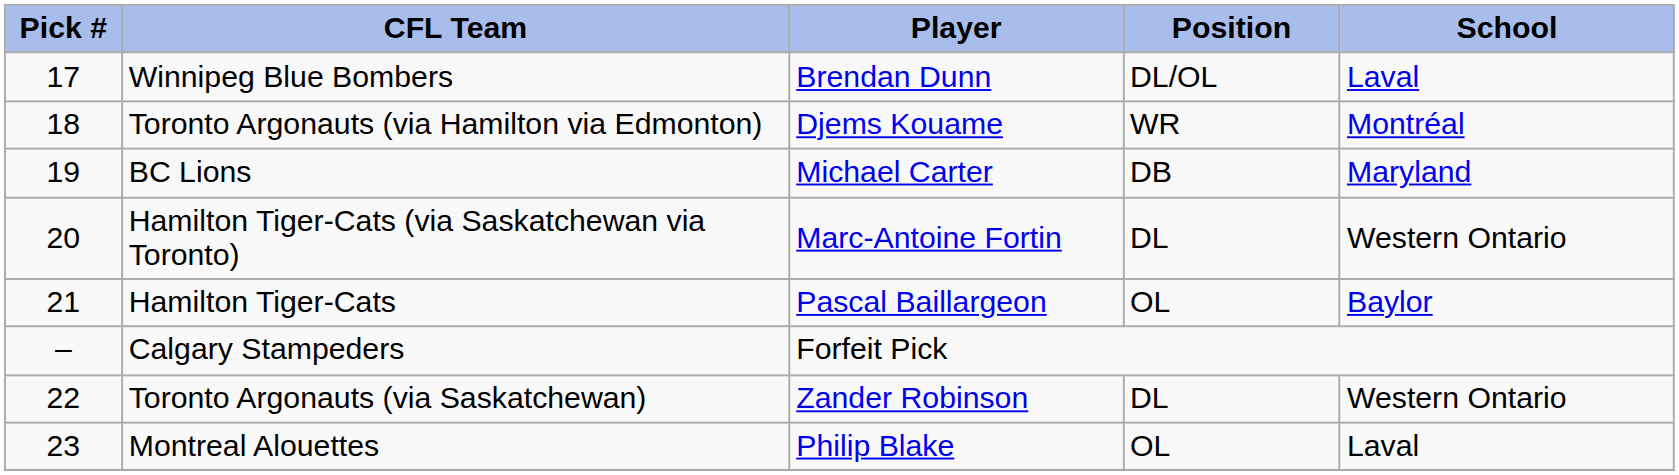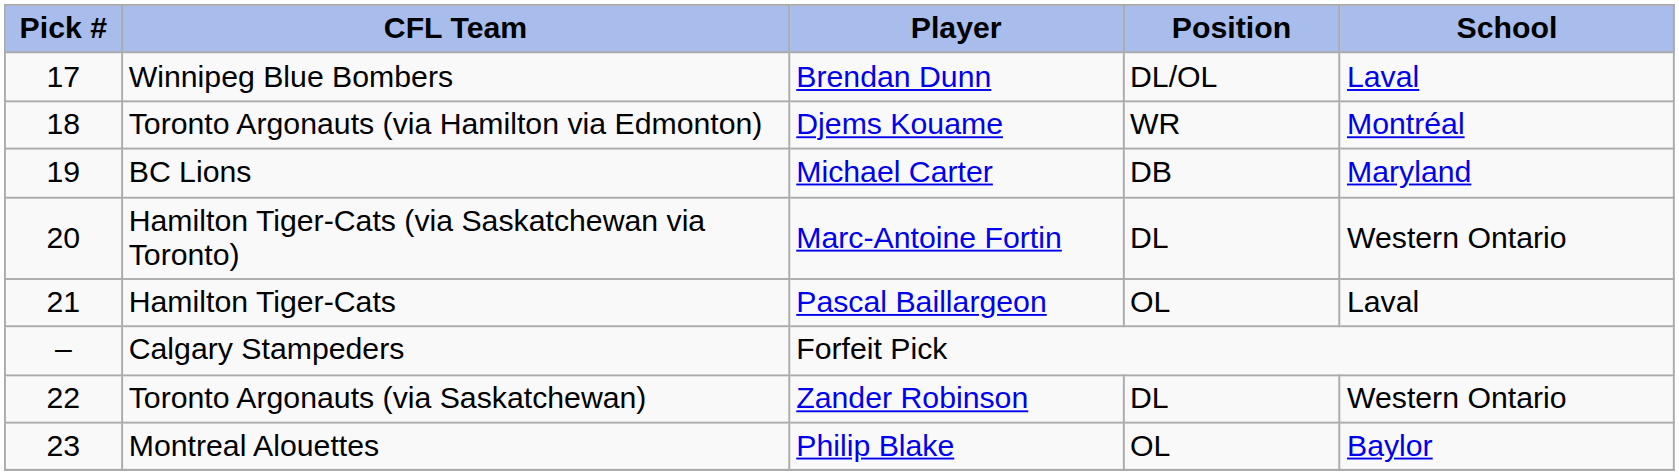 <table class="wikitable" style="width: 100%">
 <tr>
 <th style="background:#A8BDEC;" width=7%>Pick #</th>
 <th width=40% style="background:#A8BDEC;">CFL Team</th>
 <th width=20% style="background:#A8BDEC;">Player</th>
 <th width=13% style="background:#A8BDEC;">Position</th>
 <th width=20% style="background:#A8BDEC;">School</th>
 </tr>
 <tr>
 <td align=center>17</td>
 <td>Winnipeg Blue Bombers</td>
 <td><a href='#'>Brendan Dunn</a></td>
 <td>DL/OL</td>
 <td><a href='#'>Laval</a></td>
 </tr>
 <tr>
 <td align=center>18</td>
 <td>Toronto Argonauts (via Hamilton via Edmonton)</td>
 <td><a href='#'>Djems Kouame</a></td>
 <td>WR</td>
 <td><a href='#'>Montréal</a></td>
 </tr>
 <tr>
 <td align=center>19</td>
 <td>BC Lions</td>
 <td><a href='#'>Michael Carter</a></td>
 <td>DB</td>
 <td><a href='#'>Maryland</a></td>
 </tr>
 <tr>
 <td align=center>20</td>
 <td>Hamilton Tiger-Cats (via Saskatchewan via Toronto)</td>
 <td><a href='#'>Marc-Antoine Fortin</a></td>
 <td>DL</td>
 <td>Western Ontario</td>
 </tr>
 <tr>
 <td align=center>21</td>
 <td>Hamilton Tiger-Cats</td>
 <td><a href='#'>Pascal Baillargeon</a></td>
 <td>OL</td>
-<td><a href='#'>Baylor</a></td>
+<td>Laval</td>
 </tr>
 <tr>
 <td align=center>–</td>
 <td>Calgary Stampeders</td>
 <td colspan="3">Forfeit Pick</td>
 </tr>
 <tr>
 <td align=center>22</td>
 <td>Toronto Argonauts (via Saskatchewan)</td>
 <td><a href='#'>Zander Robinson</a></td>
 <td>DL</td>
 <td>Western Ontario</td>
 </tr>
 <tr>
 <td align=center>23</td>
 <td>Montreal Alouettes</td>
 <td><a href='#'>Philip Blake</a></td>
 <td>OL</td>
-<td>Laval</td>
+<td><a href='#'>Baylor</a></td>
 </tr>
 <tr>
 </tr>
 </table>
